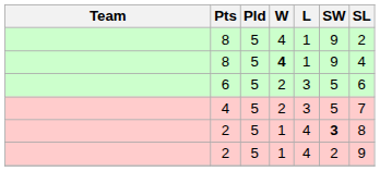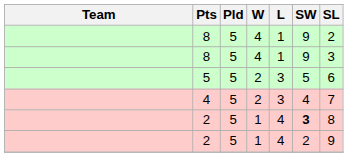 <table class=wikitable style="text-align:center">
 <tr>
 <th width=220>Team</th>
 <th width=20>Pts</th>
 <th width=20>Pld</th>
 <th width=20>W</th>
 <th width=20>L</th>
 <th width=20>SW</th>
 <th width=20>SL</th>
 </tr>
 <tr style="background:#cfc;">
 <td align=left></td>
 <td>8</td>
 <td>5</td>
 <td>4</td>
 <td>1</td>
 <td>9</td>
 <td>2</td>
 </tr>
 <tr style="background:#cfc;">
 <td align=left></td>
 <td>8</td>
 <td>5</td>
-<td><strong>4</strong></td>
+<td>4</td>
 <td>1</td>
 <td>9</td>
-<td>4</td>
+<td>3</td>
 </tr>
 <tr style="background:#cfc;">
 <td align=left></td>
-<td>6</td>
+<td>5</td>
 <td>5</td>
 <td>2</td>
 <td>3</td>
 <td>5</td>
 <td>6</td>
 </tr>
 <tr style="background:#fcc;">
 <td align=left></td>
 <td>4</td>
 <td>5</td>
 <td>2</td>
 <td>3</td>
-<td>5</td>
+<td>4</td>
 <td>7</td>
 </tr>
 <tr style="background:#fcc;">
 <td align=left></td>
 <td>2</td>
 <td>5</td>
 <td>1</td>
 <td>4</td>
 <td><strong>3</strong></td>
 <td>8</td>
 </tr>
 <tr style="background:#fcc;">
 <td align=left></td>
 <td>2</td>
 <td>5</td>
 <td>1</td>
 <td>4</td>
 <td>2</td>
 <td>9</td>
 </tr>
 <tr>
 </tr>
 </table>
